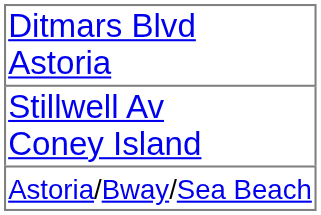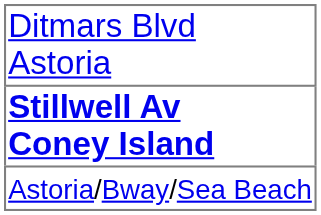 <table border=0 cellspacing=0>
 <tr>
 <td style="border:solid 1px gray;"><a href='#'>Ditmars Blvd</a><br><a href='#'>Astoria</a></td>
 </tr>
 <tr>
-<td style="border-left:solid 1px gray;border-right:solid 1px gray;"><a href='#'>Stillwell Av</a><br><a href='#'>Coney Island</a></td>
+<td style="border-left:solid 1px gray;border-right:solid 1px gray;"><strong><a href='#'>Stillwell Av</a><br><a href='#'>Coney Island</a></strong></td>
 </tr>
 <tr>
 <td style="border:solid 1px gray;"> <small><a href='#'>Astoria</a>/<a href='#'>Bway</a>/<a href='#'>Sea Beach</a></small></td>
 </tr>
 </table>
